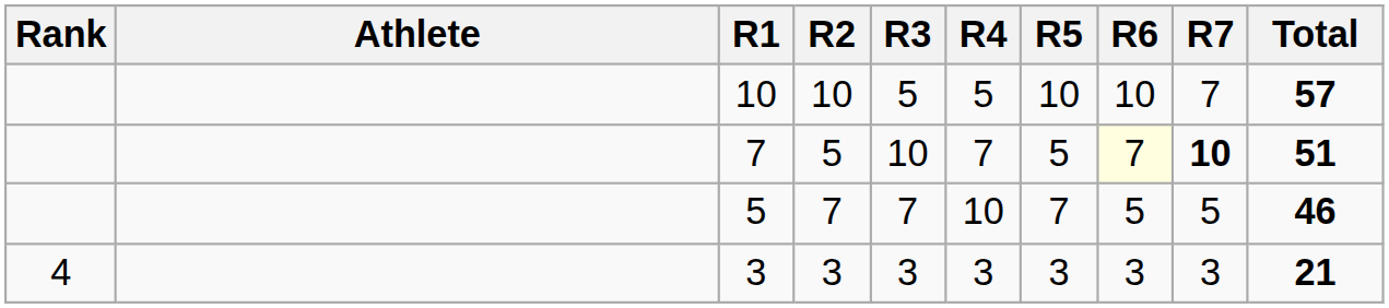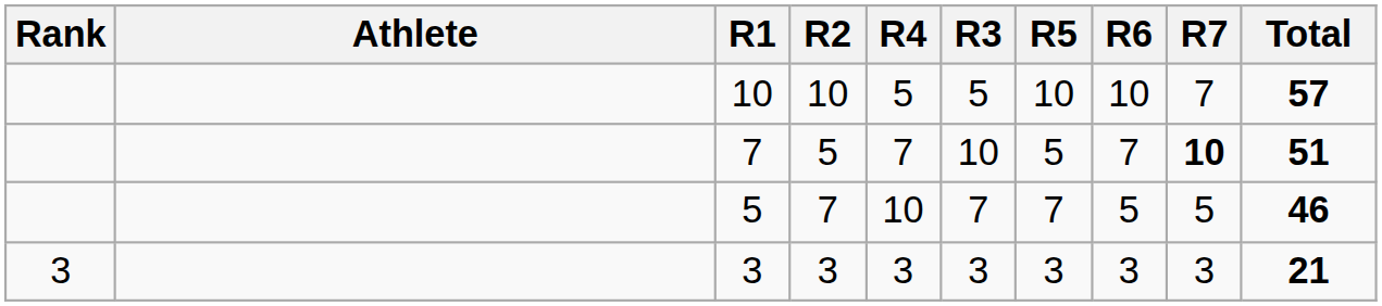 <table class=wikitable style="text-align:center">
 <tr>
 <th width=40>Rank</th>
 <th width=250>Athlete</th>
 <th width=25>R1</th>
 <th width=25>R2</th>
+<th width=25>R4</th>
 <th width=25>R3</th>
-<th width=25>R4</th>
 <th width=25>R5</th>
 <th width=25>R6</th>
 <th width=25>R7</th>
 <th width=50>Total</th>
 </tr>
 <tr>
 <td></td>
 <td align=left></td>
 <td>10</td>
 <td>10</td>
 <td>5</td>
 <td>5</td>
 <td>10</td>
 <td>10</td>
 <td>7</td>
 <td><strong>57</strong></td>
 </tr>
 <tr>
 <td></td>
 <td align=left></td>
 <td>7</td>
 <td>5</td>
+<td>7</td>
 <td>10</td>
+<td>5</td>
 <td>7</td>
-<td>5</td>
-<td style="background: lightyellow;">7</td>
 <td><strong>10</strong></td>
 <td><strong>51</strong></td>
 </tr>
 <tr>
 <td></td>
 <td align=left></td>
 <td>5</td>
 <td>7</td>
+<td>10</td>
 <td>7</td>
-<td>10</td>
 <td>7</td>
 <td>5</td>
 <td>5</td>
 <td><strong>46</strong></td>
 </tr>
 <tr>
-<td>4</td>
+<td>3</td>
 <td align=left></td>
 <td>3</td>
 <td>3</td>
 <td>3</td>
 <td>3</td>
 <td>3</td>
 <td>3</td>
 <td>3</td>
 <td><strong>21</strong></td>
 </tr>
 </table>
